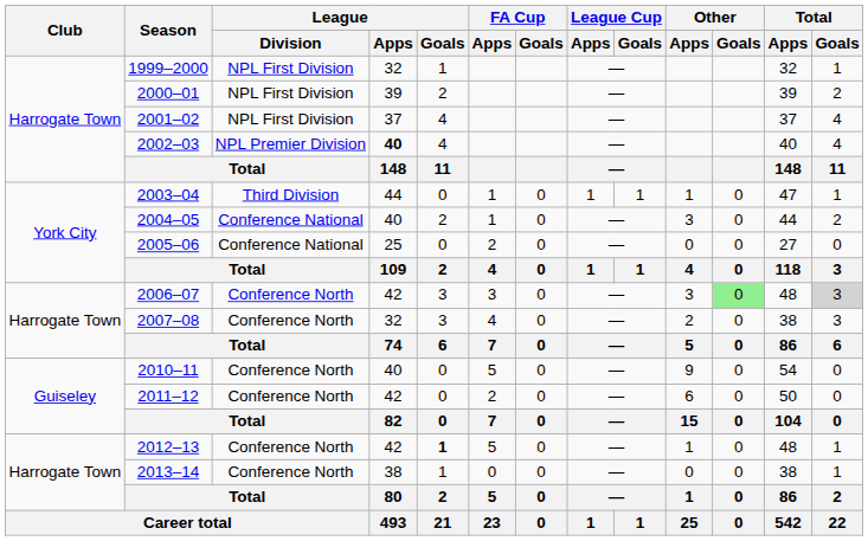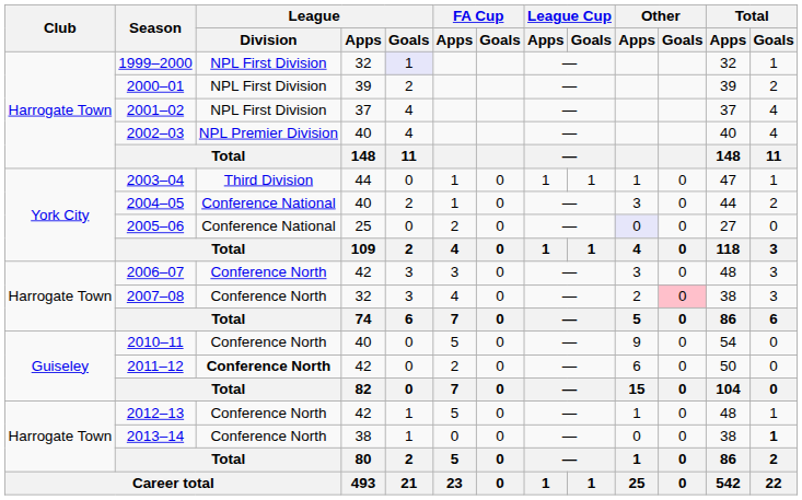 <table class="wikitable" style="text-align: center;">
 <tr>
 <th rowspan="2">Club</th>
 <th rowspan="2">Season</th>
 <th colspan="3">League</th>
 <th colspan="2"><a href='#'>FA Cup</a></th>
 <th colspan="2"><a href='#'>League Cup</a></th>
 <th colspan="2">Other</th>
 <th colspan="2">Total</th>
 </tr>
 <tr>
 <th>Division</th>
 <th>Apps</th>
 <th>Goals</th>
 <th>Apps</th>
 <th>Goals</th>
 <th>Apps</th>
 <th>Goals</th>
 <th>Apps</th>
 <th>Goals</th>
 <th>Apps</th>
 <th>Goals</th>
 </tr>
 <tr>
 <td rowspan=5><a href='#'>Harrogate Town</a></td>
 <td><a href='#'>1999–2000</a></td>
 <td><a href='#'>NPL First Division</a></td>
 <td>32</td>
-<td>1</td>
+<td style="background: lavender;">1</td>
 <td></td>
 <td></td>
 <td colspan=2>—</td>
 <td></td>
 <td></td>
 <td>32</td>
 <td>1</td>
 </tr>
 <tr>
 <td><a href='#'>2000–01</a></td>
 <td>NPL First Division</td>
 <td>39</td>
 <td>2</td>
 <td></td>
 <td></td>
 <td colspan=2>—</td>
 <td></td>
 <td></td>
 <td>39</td>
 <td>2</td>
 </tr>
 <tr>
 <td><a href='#'>2001–02</a></td>
 <td>NPL First Division</td>
 <td>37</td>
 <td>4</td>
 <td></td>
 <td></td>
 <td colspan=2>—</td>
 <td></td>
 <td></td>
 <td>37</td>
 <td>4</td>
 </tr>
 <tr>
 <td><a href='#'>2002–03</a></td>
 <td><a href='#'>NPL Premier Division</a></td>
-<td><strong>40</strong></td>
+<td>40</td>
 <td>4</td>
 <td></td>
 <td></td>
 <td colspan=2>—</td>
 <td></td>
 <td></td>
 <td>40</td>
 <td>4</td>
 </tr>
 <tr>
 <th colspan=2>Total</th>
 <th>148</th>
 <th>11</th>
 <th></th>
 <th></th>
 <th colspan=2>—</th>
 <th></th>
 <th></th>
 <th>148</th>
 <th>11</th>
 </tr>
 <tr>
 <td rowspan=4><a href='#'>York City</a></td>
 <td><a href='#'>2003–04</a></td>
 <td><a href='#'>Third Division</a></td>
 <td>44</td>
 <td>0</td>
 <td>1</td>
 <td>0</td>
 <td>1</td>
 <td>1</td>
 <td>1</td>
 <td>0</td>
 <td>47</td>
 <td>1</td>
 </tr>
 <tr>
 <td><a href='#'>2004–05</a></td>
 <td><a href='#'>Conference National</a></td>
 <td>40</td>
 <td>2</td>
 <td>1</td>
 <td>0</td>
 <td colspan=2>—</td>
 <td>3</td>
 <td>0</td>
 <td>44</td>
 <td>2</td>
 </tr>
 <tr>
 <td><a href='#'>2005–06</a></td>
 <td>Conference National</td>
 <td>25</td>
 <td>0</td>
 <td>2</td>
 <td>0</td>
 <td colspan=2>—</td>
-<td>0</td>
+<td style="background: lavender;">0</td>
 <td>0</td>
 <td>27</td>
 <td>0</td>
 </tr>
 <tr>
 <th colspan=2>Total</th>
 <th>109</th>
 <th>2</th>
 <th>4</th>
 <th>0</th>
 <th>1</th>
 <th>1</th>
 <th>4</th>
 <th>0</th>
 <th>118</th>
 <th>3</th>
 </tr>
 <tr>
 <td rowspan=3>Harrogate Town</td>
 <td><a href='#'>2006–07</a></td>
 <td><a href='#'>Conference North</a></td>
 <td>42</td>
 <td>3</td>
 <td>3</td>
 <td>0</td>
 <td colspan=2>—</td>
 <td>3</td>
-<td style="background: lightgreen;">0</td>
+<td>0</td>
 <td>48</td>
-<td style="background: lightgrey;">3</td>
+<td>3</td>
 </tr>
 <tr>
 <td><a href='#'>2007–08</a></td>
 <td>Conference North</td>
 <td>32</td>
 <td>3</td>
 <td>4</td>
 <td>0</td>
 <td colspan=2>—</td>
 <td>2</td>
-<td>0</td>
+<td style="background: pink;">0</td>
 <td>38</td>
 <td>3</td>
 </tr>
 <tr>
 <th colspan=2>Total</th>
 <th>74</th>
 <th>6</th>
 <th>7</th>
 <th>0</th>
 <th colspan=2>—</th>
 <th>5</th>
 <th>0</th>
 <th>86</th>
 <th>6</th>
 </tr>
 <tr>
 <td rowspan=3><a href='#'>Guiseley</a></td>
 <td><a href='#'>2010–11</a></td>
 <td>Conference North</td>
 <td>40</td>
 <td>0</td>
 <td>5</td>
 <td>0</td>
 <td colspan=2>—</td>
 <td>9</td>
 <td>0</td>
 <td>54</td>
 <td>0</td>
 </tr>
 <tr>
 <td><a href='#'>2011–12</a></td>
-<td>Conference North</td>
+<td><strong>Conference North</strong></td>
 <td>42</td>
 <td>0</td>
 <td>2</td>
 <td>0</td>
 <td colspan=2>—</td>
 <td>6</td>
 <td>0</td>
 <td>50</td>
 <td>0</td>
 </tr>
 <tr>
 <th colspan=2>Total</th>
 <th>82</th>
 <th>0</th>
 <th>7</th>
 <th>0</th>
 <th colspan=2>—</th>
 <th>15</th>
 <th>0</th>
 <th>104</th>
 <th>0</th>
 </tr>
 <tr>
 <td rowspan=3>Harrogate Town</td>
 <td><a href='#'>2012–13</a></td>
 <td>Conference North</td>
 <td>42</td>
-<td><strong>1</strong></td>
+<td>1</td>
 <td>5</td>
 <td>0</td>
 <td colspan=2>—</td>
 <td>1</td>
 <td>0</td>
 <td>48</td>
 <td>1</td>
 </tr>
 <tr>
 <td><a href='#'>2013–14</a></td>
 <td>Conference North</td>
 <td>38</td>
 <td>1</td>
 <td>0</td>
 <td>0</td>
 <td colspan=2>—</td>
 <td>0</td>
 <td>0</td>
 <td>38</td>
-<td>1</td>
+<td><strong>1</strong></td>
 </tr>
 <tr>
 <th colspan=2>Total</th>
 <th>80</th>
 <th>2</th>
 <th>5</th>
 <th>0</th>
 <th colspan=2>—</th>
 <th>1</th>
 <th>0</th>
 <th>86</th>
 <th>2</th>
 </tr>
 <tr>
 <th colspan=3>Career total</th>
 <th>493</th>
 <th>21</th>
 <th>23</th>
 <th>0</th>
 <th>1</th>
 <th>1</th>
 <th>25</th>
 <th>0</th>
 <th>542</th>
 <th>22</th>
 </tr>
 </table>
